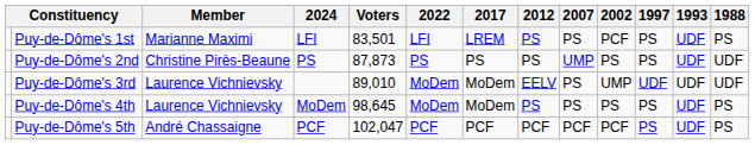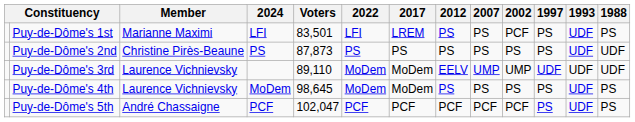 <table class="wikitable sortable">
 <tr>
 <th colspan="2">Constituency</th>
 <th>Member</th>
 <th>2024</th>
 <th>Voters</th>
 <th>2022</th>
 <th>2017</th>
 <th>2012</th>
 <th>2007</th>
 <th>2002</th>
 <th>1997</th>
 <th>1993</th>
 <th>1988</th>
 </tr>
 <tr>
 <td style="background-color: "></td>
 <td><a href='#'>Puy-de-Dôme's 1st</a></td>
 <td><a href='#'>Marianne Maximi</a></td>
 <td><a href='#'>LFI</a></td>
 <td>83,501</td>
 <td><a href='#'>LFI</a></td>
 <td><a href='#'>LREM</a></td>
 <td><a href='#'>PS</a></td>
 <td>PS</td>
 <td>PCF</td>
 <td>PS</td>
 <td><a href='#'>UDF</a></td>
 <td>PS</td>
 </tr>
 <tr>
 <td style="background-color: "></td>
 <td><a href='#'>Puy-de-Dôme's 2nd</a></td>
 <td><a href='#'>Christine Pirès-Beaune</a></td>
 <td><a href='#'>PS</a></td>
 <td>87,873</td>
 <td><a href='#'>PS</a></td>
 <td>PS</td>
 <td>PS</td>
-<td><a href='#'>UMP</a></td>
+<td>PS</td>
 <td>PS</td>
 <td>PS</td>
 <td><a href='#'>UDF</a></td>
 <td>UDF</td>
 </tr>
 <tr>
 <td style="background-color: "></td>
 <td><a href='#'>Puy-de-Dôme's 3rd</a></td>
 <td><a href='#'>Laurence Vichnievsky</a></td>
 <td></td>
-<td>89,010</td>
+<td>89,110</td>
 <td><a href='#'>MoDem</a></td>
 <td>MoDem</td>
 <td><a href='#'>EELV</a></td>
-<td>PS</td>
+<td><a href='#'>UMP</a></td>
 <td>UMP</td>
 <td><a href='#'>UDF</a></td>
 <td>UDF</td>
 <td>UDF</td>
 </tr>
 <tr>
 <td style="background-color: "></td>
 <td><a href='#'>Puy-de-Dôme's 4th</a></td>
 <td><a href='#'>Laurence Vichnievsky</a></td>
 <td><a href='#'>MoDem</a></td>
 <td>98,645</td>
 <td><a href='#'>MoDem</a></td>
 <td>MoDem</td>
 <td><a href='#'>PS</a></td>
 <td>PS</td>
 <td>PS</td>
 <td>PS</td>
 <td><a href='#'>UDF</a></td>
 <td>PS</td>
 </tr>
 <tr>
 <td style="background-color: "></td>
 <td><a href='#'>Puy-de-Dôme's 5th</a></td>
 <td><a href='#'>André Chassaigne</a></td>
 <td><a href='#'>PCF</a></td>
 <td>102,047</td>
 <td><a href='#'>PCF</a></td>
 <td>PCF</td>
 <td>PCF</td>
 <td>PCF</td>
 <td>PCF</td>
 <td><a href='#'>PS</a></td>
 <td><a href='#'>UDF</a></td>
 <td>PS</td>
 </tr>
 </table>
